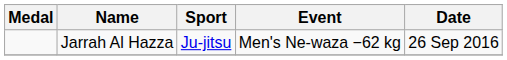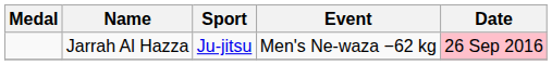 <table class="wikitable sortable" style="font-size: 95%;">
 <tr>
 <th>Medal</th>
 <th>Name</th>
 <th>Sport</th>
 <th>Event</th>
 <th>Date</th>
 </tr>
 <tr>
 <td></td>
 <td align=left>Jarrah Al Hazza</td>
 <td><a href='#'>Ju-jitsu</a></td>
 <td>Men's Ne-waza −62 kg</td>
-<td>26 Sep 2016</td>
+<td style="background: pink;">26 Sep 2016</td>
 </tr>
 <tr>
 </tr>
 </table>
